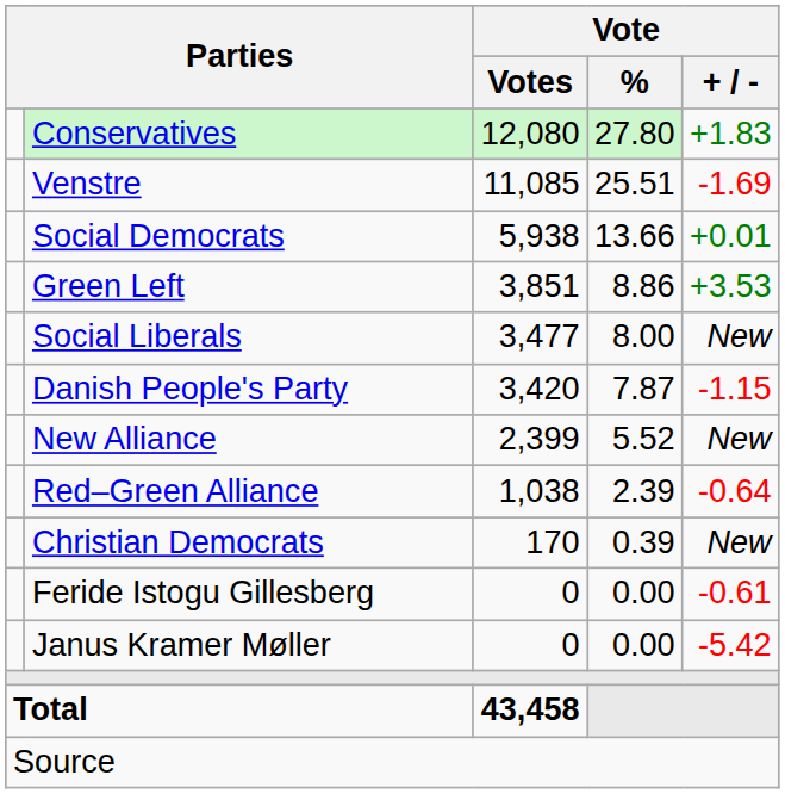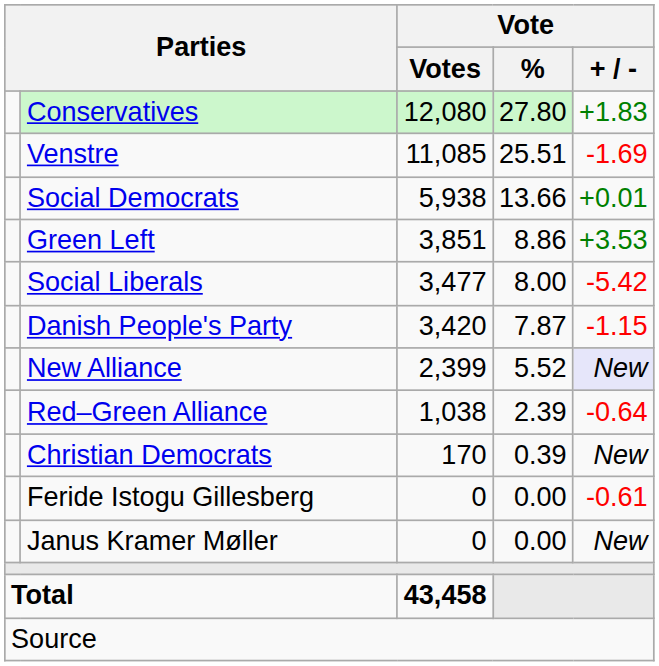 <table class="wikitable" style="text-align:right;">
 <tr>
 <th style="text-align:centre;" rowspan="2" colspan="2" width="225">Parties</th>
 <th colspan="3">Vote</th>
 </tr>
 <tr>
 <th width="15">Votes</th>
 <th width="15">%</th>
 <th width="15">+ / -</th>
 </tr>
 <tr>
 <td width="2" style="color:inherit;background:"></td>
 <td bgcolor=#ccf7cc  align="left"><a href='#'>Conservatives</a></td>
 <td bgcolor=#ccf7cc>12,080</td>
 <td bgcolor=#ccf7cc>27.80</td>
 <td style=color:green;>+1.83</td>
 </tr>
 <tr>
 <td width="2" style="color:inherit;background:"></td>
 <td align="left"><a href='#'>Venstre</a></td>
 <td>11,085</td>
 <td>25.51</td>
 <td style=color:red;>-1.69</td>
 </tr>
 <tr>
 <td width="2" style="color:inherit;background:"></td>
 <td align="left"><a href='#'>Social Democrats</a></td>
 <td>5,938</td>
 <td>13.66</td>
 <td style=color:green;>+0.01</td>
 </tr>
 <tr>
 <td width="2" style="color:inherit;background:"></td>
 <td align="left"><a href='#'>Green Left</a></td>
 <td>3,851</td>
 <td>8.86</td>
 <td style=color:green;>+3.53</td>
 </tr>
 <tr>
 <td width="2" style="color:inherit;background:"></td>
 <td align="left"><a href='#'>Social Liberals</a></td>
 <td>3,477</td>
 <td>8.00</td>
-<td><em>New</em></td>
+<td style=color:red;>-5.42</td>
 </tr>
 <tr>
 <td width="2" style="color:inherit;background:"></td>
 <td align="left"><a href='#'>Danish People's Party</a></td>
 <td>3,420</td>
 <td>7.87</td>
 <td style=color:red;>-1.15</td>
 </tr>
 <tr>
 <td width="2" style="color:inherit;background:"></td>
 <td align="left"><a href='#'>New Alliance</a></td>
 <td>2,399</td>
 <td>5.52</td>
-<td><em>New</em></td>
+<td style="background: lavender;"><em>New</em></td>
 </tr>
 <tr>
 <td width="2" style="color:inherit;background:"></td>
 <td align="left"><a href='#'>Red–Green Alliance</a></td>
 <td>1,038</td>
 <td>2.39</td>
 <td style=color:red;>-0.64</td>
 </tr>
 <tr>
 <td width="2" style="color:inherit;background:"></td>
 <td align="left"><a href='#'>Christian Democrats</a></td>
 <td>170</td>
 <td>0.39</td>
 <td><em>New</em></td>
 </tr>
 <tr>
 <td width="2" style="color:inherit;background:"></td>
 <td align="left">Feride Istogu Gillesberg</td>
 <td>0</td>
 <td>0.00</td>
 <td style=color:red;>-0.61</td>
 </tr>
 <tr>
 <td width="2" style="color:inherit;background:"></td>
 <td align="left">Janus Kramer Møller</td>
 <td>0</td>
 <td>0.00</td>
-<td style=color:red;>-5.42</td>
+<td><em>New</em></td>
 </tr>
 <tr>
 <td colspan="7" bgcolor="#E9E9E9"></td>
 </tr>
 <tr>
 <td align="left" colspan="2"><strong>Total</strong></td>
 <td><strong>43,458</strong></td>
 <td bgcolor="#E9E9E9" colspan="2"></td>
 </tr>
 <tr>
 <td align="left" colspan="6">Source</td>
 </tr>
 </table>
